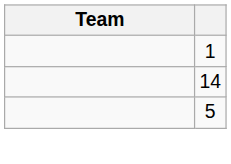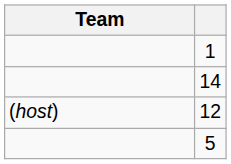 <table class="wikitable" style="white-space:nowrap; display:inline-table;">
 <tr>
 <th style="width:150px">Team</th>
 <th></th>
 </tr>
 <tr>
 <td></td>
 <td style="text-align:center">1</td>
 </tr>
 <tr>
 <td></td>
 <td style="text-align:center">14</td>
 </tr>
 <tr>
+<td> (<em>host</em>)</td>
+<td style="text-align:center">12</td>
+</tr>
+<tr>
 <td></td>
 <td style="text-align:center">5</td>
 </tr>
 </table>
